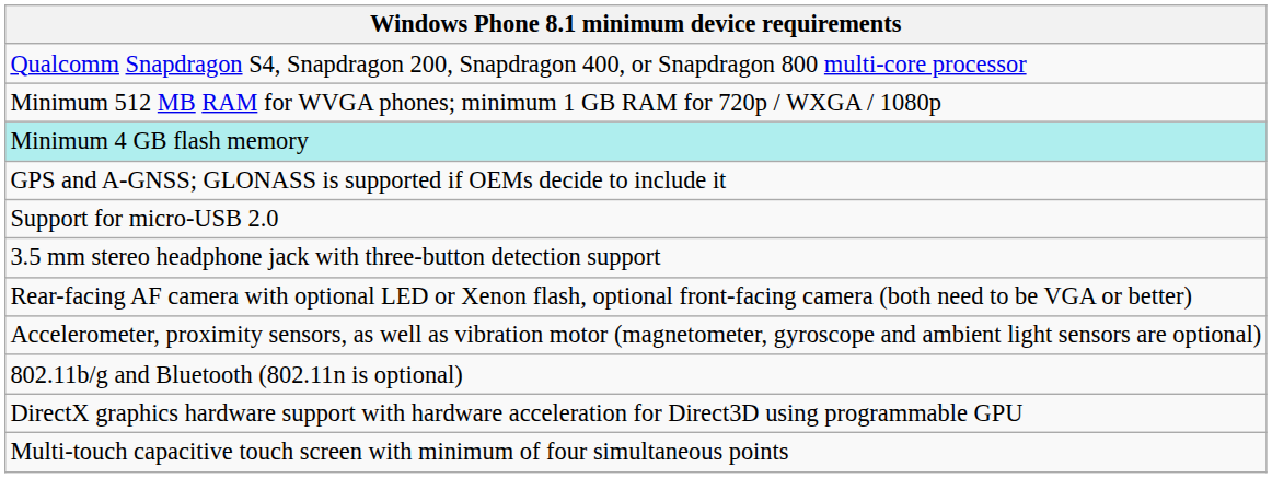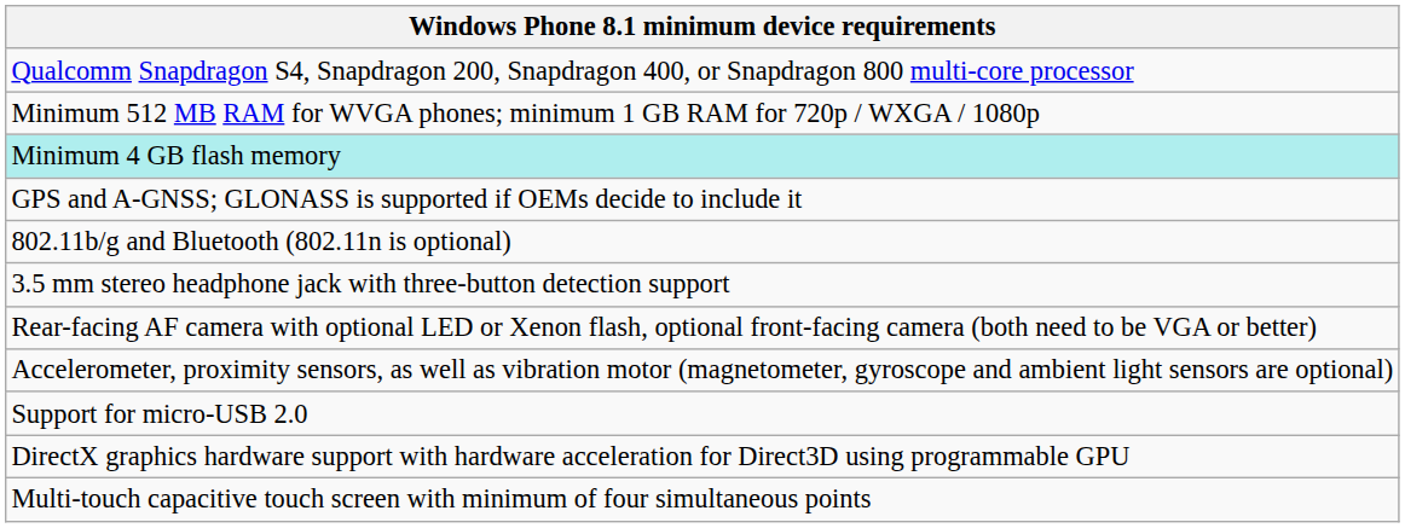 <table class="wikitable" style="margin:auto;">
 <tr>
 <th>Windows Phone 8.1 minimum device requirements</th>
 </tr>
 <tr>
 <td><a href='#'>Qualcomm</a> <a href='#'>Snapdragon</a> S4, Snapdragon 200, Snapdragon 400, or Snapdragon 800 <a href='#'>multi-core processor</a></td>
 </tr>
 <tr>
 <td>Minimum 512 <a href='#'>MB</a> <a href='#'>RAM</a> for WVGA phones; minimum 1 GB RAM for 720p / WXGA / 1080p</td>
 </tr>
 <tr>
 <td style="background: paleturquoise;">Minimum 4 GB flash memory</td>
 </tr>
 <tr>
 <td>GPS and A-GNSS; GLONASS is supported if OEMs decide to include it</td>
 </tr>
 <tr>
-<td>Support for micro-USB 2.0</td>
+<td>802.11b/g and Bluetooth (802.11n is optional)</td>
 </tr>
 <tr>
 <td>3.5 mm stereo headphone jack with three-button detection support</td>
 </tr>
 <tr>
 <td>Rear-facing AF camera with optional LED or Xenon flash, optional front-facing camera (both need to be VGA or better)</td>
 </tr>
 <tr>
 <td>Accelerometer, proximity sensors, as well as vibration motor (magnetometer, gyroscope and ambient light sensors are optional)</td>
 </tr>
 <tr>
-<td>802.11b/g and Bluetooth (802.11n is optional)</td>
+<td>Support for micro-USB 2.0</td>
 </tr>
 <tr>
 <td>DirectX graphics hardware support with hardware acceleration for Direct3D using programmable GPU</td>
 </tr>
 <tr>
 <td>Multi-touch capacitive touch screen with minimum of four simultaneous points</td>
 </tr>
 </table>
